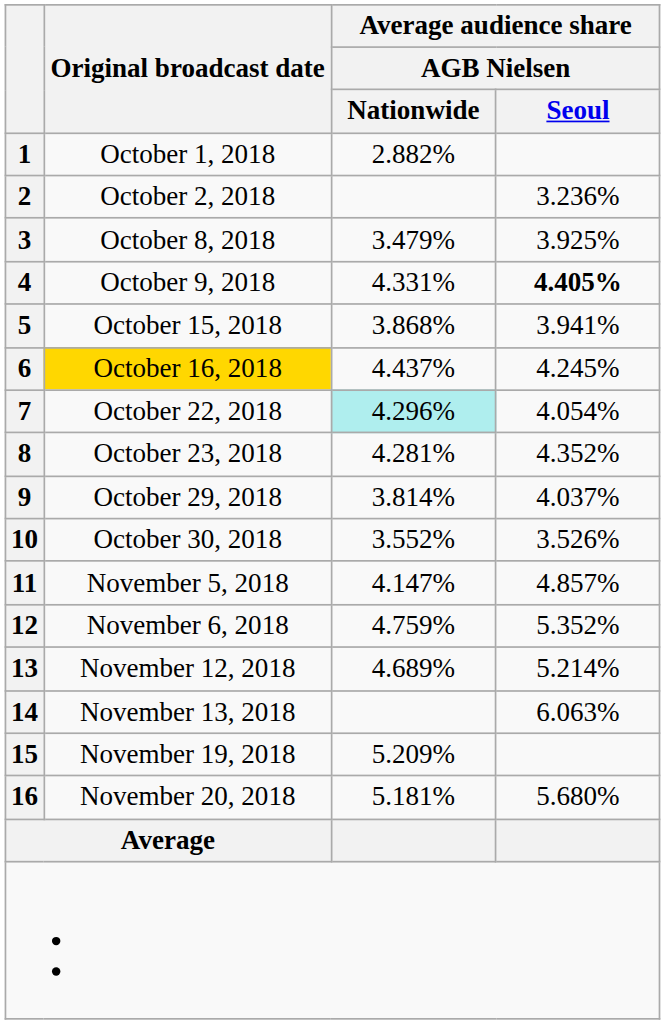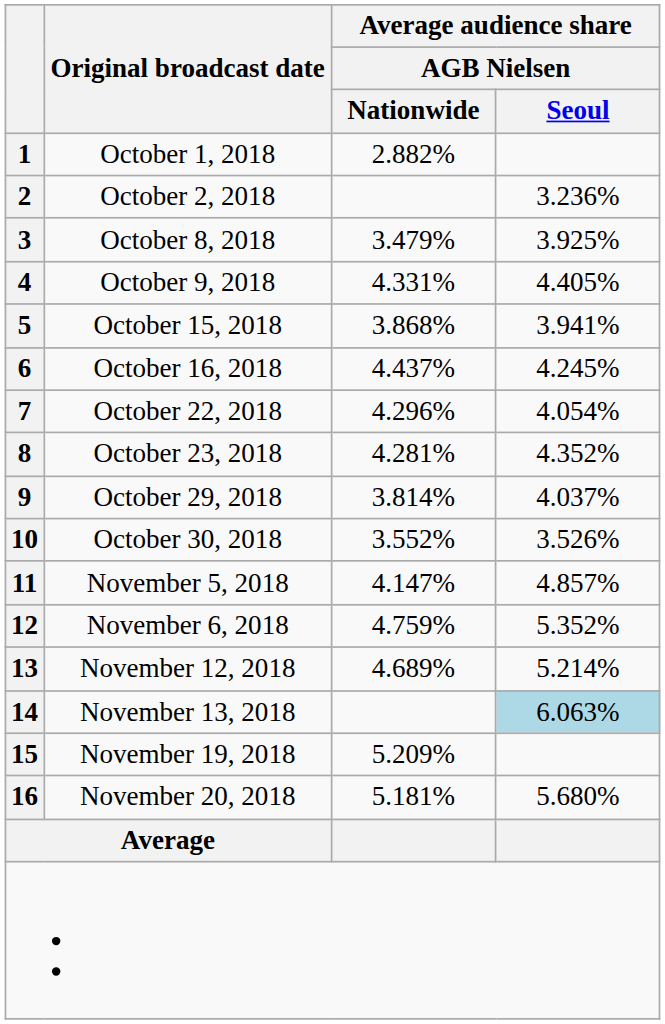 <table class="wikitable" style="text-align:center;max-width:450px; margin-left: auto; margin-right: auto; border: none;">
 <tr>
 </tr>
 <tr>
 <th rowspan="3"></th>
 <th rowspan="3">Original broadcast date</th>
 <th colspan="2">Average audience share</th>
 </tr>
 <tr>
 <th colspan="2">AGB Nielsen</th>
 </tr>
 <tr>
 <th width="90">Nationwide</th>
 <th width="90"><a href='#'>Seoul</a></th>
 </tr>
 <tr>
 <th>1</th>
 <td>October 1, 2018</td>
 <td>2.882%</td>
 <td></td>
 </tr>
 <tr>
 <th>2</th>
 <td>October 2, 2018</td>
 <td></td>
 <td>3.236%</td>
 </tr>
 <tr>
 <th>3</th>
 <td>October 8, 2018</td>
 <td>3.479%</td>
 <td>3.925%</td>
 </tr>
 <tr>
 <th>4</th>
 <td>October 9, 2018</td>
 <td>4.331%</td>
-<td><strong>4.405%</strong></td>
+<td>4.405%</td>
 </tr>
 <tr>
 <th>5</th>
 <td>October 15, 2018</td>
 <td>3.868%</td>
 <td>3.941%</td>
 </tr>
 <tr>
 <th>6</th>
-<td style="background: gold;">October 16, 2018</td>
+<td>October 16, 2018</td>
 <td>4.437%</td>
 <td>4.245%</td>
 </tr>
 <tr>
 <th>7</th>
 <td>October 22, 2018</td>
-<td style="background: paleturquoise;">4.296%</td>
+<td>4.296%</td>
 <td>4.054%</td>
 </tr>
 <tr>
 <th>8</th>
 <td>October 23, 2018</td>
 <td>4.281%</td>
 <td>4.352%</td>
 </tr>
 <tr>
 <th>9</th>
 <td>October 29, 2018</td>
 <td>3.814%</td>
 <td>4.037%</td>
 </tr>
 <tr>
 <th>10</th>
 <td>October 30, 2018</td>
 <td>3.552%</td>
 <td>3.526%</td>
 </tr>
 <tr>
 <th>11</th>
 <td>November 5, 2018</td>
 <td>4.147%</td>
 <td>4.857%</td>
 </tr>
 <tr>
 <th>12</th>
 <td>November 6, 2018</td>
 <td>4.759%</td>
 <td>5.352%</td>
 </tr>
 <tr>
 <th>13</th>
 <td>November 12, 2018</td>
 <td>4.689%</td>
 <td>5.214%</td>
 </tr>
 <tr>
 <th>14</th>
 <td>November 13, 2018</td>
 <td></td>
-<td>6.063%</td>
+<td style="background: lightblue;">6.063%</td>
 </tr>
 <tr>
 <th>15</th>
 <td>November 19, 2018</td>
 <td>5.209%</td>
 <td></td>
 </tr>
 <tr>
 <th>16</th>
 <td>November 20, 2018</td>
 <td>5.181%</td>
 <td>5.680%</td>
 </tr>
 <tr>
 <th colspan="2">Average</th>
 <th></th>
 <th></th>
 </tr>
 <tr>
 <td colspan="6"><br><ul><li></li><li></li></ul></td>
 </tr>
 </table>
